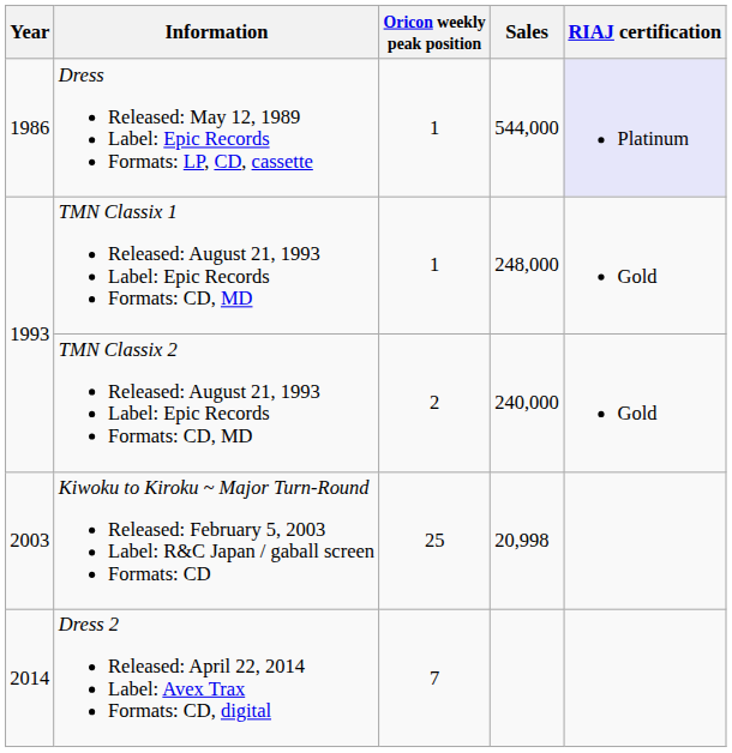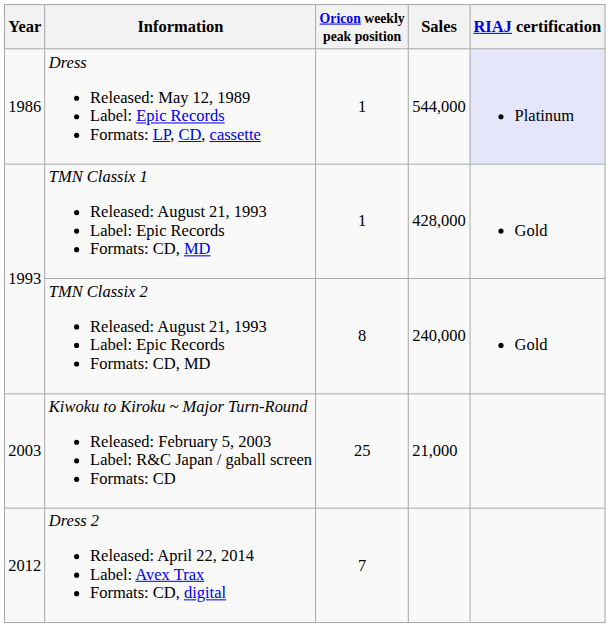 <table class="wikitable">
 <tr>
 <th>Year</th>
 <th>Information</th>
 <th><small><a href='#'>Oricon</a> weekly<br>peak position</small></th>
 <th>Sales<br></th>
 <th><a href='#'>RIAJ</a> certification</th>
 </tr>
 <tr>
 <td>1986</td>
 <td><em>Dress</em><br><ul><li>Released: May 12, 1989</li><li>Label: <a href='#'>Epic Records</a></li><li>Formats: <a href='#'>LP</a>, <a href='#'>CD</a>, <a href='#'>cassette</a></li></ul></td>
 <td style="text-align:center;">1</td>
 <td align="left">544,000</td>
 <td align="left" style="background: lavender;"><br><ul><li>Platinum</li></ul></td>
 </tr>
 <tr>
 <td rowspan="2">1993</td>
 <td><em>TMN Classix 1</em><br><ul><li>Released: August 21, 1993</li><li>Label: Epic Records</li><li>Formats: CD, <a href='#'>MD</a></li></ul></td>
 <td style="text-align:center;">1</td>
-<td align="left">248,000</td>
+<td align="left">428,000</td>
 <td align="left"><br><ul><li>Gold</li></ul></td>
 </tr>
 <tr>
 <td><em>TMN Classix 2</em><br><ul><li>Released: August 21, 1993</li><li>Label: Epic Records</li><li>Formats: CD, MD</li></ul></td>
-<td style="text-align:center;">2</td>
+<td style="text-align:center;">8</td>
 <td align="left">240,000</td>
 <td align="left"><br><ul><li>Gold</li></ul></td>
 </tr>
 <tr>
 <td>2003</td>
 <td><em>Kiwoku to Kiroku ~ Major Turn-Round</em><br><ul><li>Released: February 5, 2003</li><li>Label: R&C Japan / gaball screen</li><li>Formats: CD</li></ul></td>
 <td style="text-align:center;">25</td>
-<td align="left">20,998</td>
+<td align="left">21,000</td>
 <td align="left"></td>
 </tr>
 <tr>
-<td>2014</td>
+<td>2012</td>
 <td><em>Dress 2</em><br><ul><li>Released: April 22, 2014</li><li>Label: <a href='#'>Avex Trax</a></li><li>Formats: CD, <a href='#'>digital</a></li></ul></td>
 <td style="text-align:center;">7</td>
 <td align="left"></td>
 <td align="left"></td>
 </tr>
 </table>
